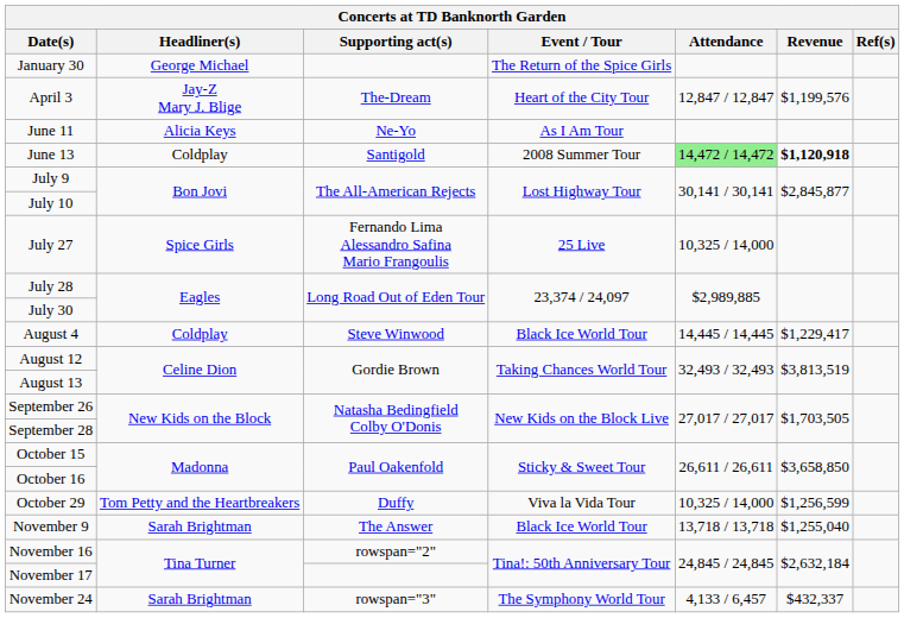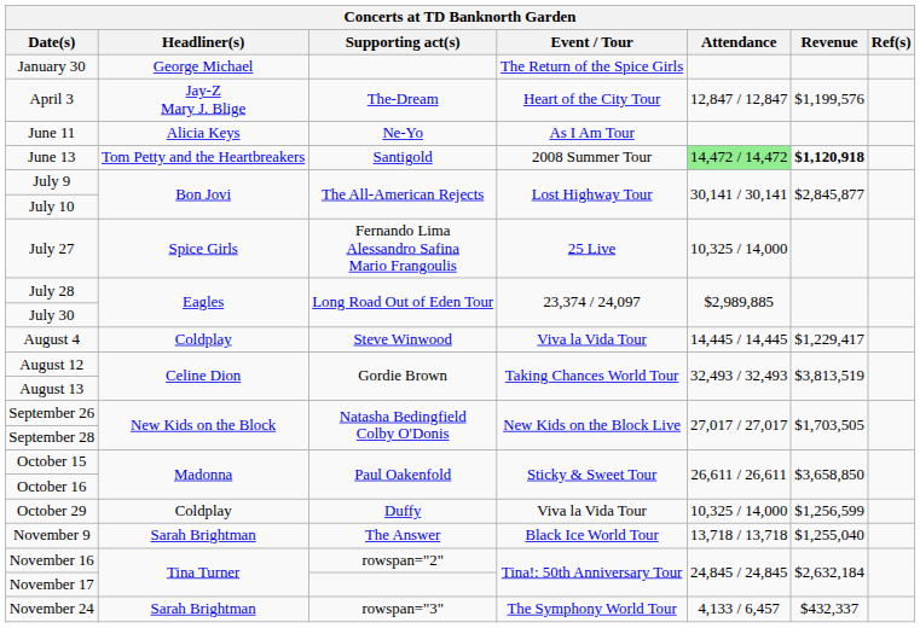 <table class="wikitable mw-collapsible mw-collapsed" style="text-align:center;">
 <tr>
 <th colspan="7">Concerts at TD Banknorth Garden</th>
 </tr>
 <tr>
 <th>Date(s)</th>
 <th>Headliner(s)</th>
 <th>Supporting act(s)</th>
 <th>Event / Tour</th>
 <th>Attendance</th>
 <th>Revenue</th>
 <th>Ref(s)</th>
 </tr>
 <tr>
 <td>January 30</td>
 <td><a href='#'>George Michael</a></td>
 <td></td>
 <td><a href='#'>The Return of the Spice Girls</a></td>
 <td></td>
 <td></td>
 <td></td>
 </tr>
 <tr>
 <td>April 3</td>
 <td><a href='#'>Jay-Z</a><br><a href='#'>Mary J. Blige</a></td>
 <td><a href='#'>The-Dream</a></td>
 <td><a href='#'>Heart of the City Tour</a></td>
 <td>12,847 / 12,847</td>
 <td>$1,199,576</td>
 <td></td>
 </tr>
 <tr>
 <td>June 11</td>
 <td><a href='#'>Alicia Keys</a></td>
 <td><a href='#'>Ne-Yo</a></td>
 <td><a href='#'>As I Am Tour</a></td>
 <td></td>
 <td></td>
 <td></td>
 </tr>
 <tr>
 <td>June 13</td>
-<td>Coldplay</td>
+<td><a href='#'>Tom Petty and the Heartbreakers</a></td>
 <td><a href='#'>Santigold</a></td>
 <td>2008 Summer Tour</td>
 <td style="background: lightgreen;">14,472 / 14,472</td>
 <td><strong>$1,120,918</strong></td>
 <td></td>
 </tr>
 <tr>
 <td>July 9</td>
 <td rowspan="2"><a href='#'>Bon Jovi</a></td>
 <td rowspan="2"><a href='#'>The All-American Rejects</a></td>
 <td rowspan="2"><a href='#'>Lost Highway Tour</a></td>
 <td rowspan="2">30,141 / 30,141</td>
 <td rowspan="2">$2,845,877</td>
 <td rowspan="2"></td>
 </tr>
 <tr>
 <td>July 10</td>
 </tr>
 <tr>
 <td>July 27</td>
 <td><a href='#'>Spice Girls</a></td>
 <td>Fernando Lima<br><a href='#'>Alessandro Safina</a><br><a href='#'>Mario Frangoulis</a></td>
 <td><a href='#'>25 Live</a></td>
 <td>10,325 / 14,000</td>
 <td></td>
 <td></td>
 </tr>
 <tr>
 <td>July 28</td>
 <td rowspan="2"><a href='#'>Eagles</a></td>
 <td rowspan="2"><a href='#'>Long Road Out of Eden Tour</a></td>
 <td rowspan="2">23,374 / 24,097</td>
 <td rowspan="2">$2,989,885</td>
 <td rowspan="2"></td>
 </tr>
 <tr>
 <td>July 30</td>
 </tr>
 <tr>
 <td>August 4</td>
 <td><a href='#'>Coldplay</a></td>
 <td><a href='#'>Steve Winwood</a></td>
-<td><a href='#'>Black Ice World Tour</a></td>
+<td><a href='#'>Viva la Vida Tour</a></td>
 <td>14,445 / 14,445</td>
 <td>$1,229,417</td>
 <td></td>
 </tr>
 <tr>
 <td>August 12</td>
 <td rowspan="2"><a href='#'>Celine Dion</a></td>
 <td rowspan="2">Gordie Brown</td>
 <td rowspan="2"><a href='#'>Taking Chances World Tour</a></td>
 <td rowspan="2">32,493 / 32,493</td>
 <td rowspan="2">$3,813,519</td>
 <td rowspan="2"></td>
 </tr>
 <tr>
 <td>August 13</td>
 </tr>
 <tr>
 <td>September 26</td>
 <td rowspan="2"><a href='#'>New Kids on the Block</a></td>
 <td rowspan="2"><a href='#'>Natasha Bedingfield</a><br><a href='#'>Colby O'Donis</a></td>
 <td rowspan="2"><a href='#'>New Kids on the Block Live</a></td>
 <td rowspan="2">27,017 / 27,017</td>
 <td rowspan="2">$1,703,505</td>
 <td rowspan="2"></td>
 </tr>
 <tr>
 <td>September 28</td>
 </tr>
 <tr>
 <td>October 15</td>
 <td rowspan="2"><a href='#'>Madonna</a></td>
 <td rowspan="2"><a href='#'>Paul Oakenfold</a></td>
 <td rowspan="2"><a href='#'>Sticky & Sweet Tour</a></td>
 <td rowspan="2">26,611 / 26,611</td>
 <td rowspan="2">$3,658,850</td>
 <td rowspan="2"></td>
 </tr>
 <tr>
 <td>October 16</td>
 </tr>
 <tr>
 <td>October 29</td>
-<td><a href='#'>Tom Petty and the Heartbreakers</a></td>
+<td>Coldplay</td>
 <td><a href='#'>Duffy</a></td>
 <td>Viva la Vida Tour</td>
 <td>10,325 / 14,000</td>
 <td>$1,256,599</td>
 <td></td>
 </tr>
 <tr>
 <td>November 9</td>
 <td><a href='#'>Sarah Brightman</a></td>
 <td><a href='#'>The Answer</a></td>
 <td><a href='#'>Black Ice World Tour</a></td>
 <td>13,718 / 13,718</td>
 <td>$1,255,040</td>
 <td></td>
 </tr>
 <tr>
 <td>November 16</td>
 <td rowspan="2"><a href='#'>Tina Turner</a></td>
 <td>rowspan="2" </td>
 <td rowspan="2"><a href='#'>Tina!: 50th Anniversary Tour</a></td>
 <td rowspan="2">24,845 / 24,845</td>
 <td rowspan="2">$2,632,184</td>
 <td rowspan="2"></td>
 </tr>
 <tr>
 <td>November 17</td>
 </tr>
 <tr>
 <td>November 24</td>
 <td><a href='#'>Sarah Brightman</a></td>
 <td>rowspan="3" </td>
 <td><a href='#'>The Symphony World Tour</a></td>
 <td>4,133 / 6,457</td>
 <td>$432,337</td>
 <td></td>
 </tr>
 </table>
